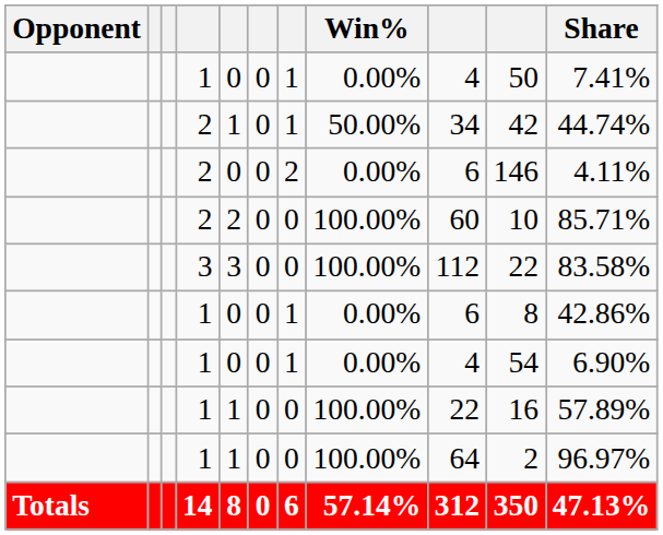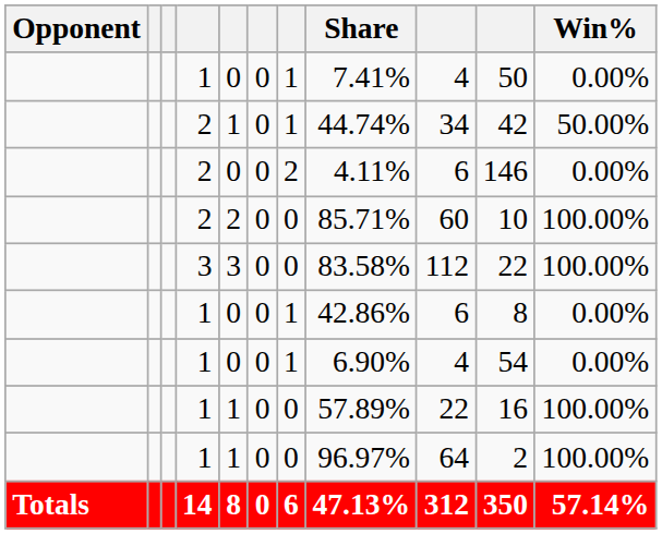 <table class="wikitable sortable" style="text-align:right;">
 <tr>
 <th>Opponent</th>
 <th></th>
 <th></th>
 <th></th>
 <th></th>
 <th></th>
 <th></th>
-<th>Win%</th>
+<th>Share</th>
 <th></th>
 <th></th>
-<th>Share</th>
+<th>Win%</th>
 </tr>
 <tr>
 <td align=left></td>
 <td></td>
 <td></td>
 <td>1</td>
 <td>0</td>
 <td>0</td>
 <td>1</td>
-<td>0.00%</td>
+<td>7.41%</td>
 <td>4</td>
 <td>50</td>
-<td>7.41%</td>
+<td>0.00%</td>
 </tr>
 <tr>
 <td align=left></td>
 <td></td>
 <td></td>
 <td>2</td>
 <td>1</td>
 <td>0</td>
 <td>1</td>
-<td>50.00%</td>
+<td>44.74%</td>
 <td>34</td>
 <td>42</td>
-<td>44.74%</td>
+<td>50.00%</td>
 </tr>
 <tr>
 <td align=left></td>
 <td></td>
 <td></td>
 <td>2</td>
 <td>0</td>
 <td>0</td>
 <td>2</td>
-<td>0.00%</td>
+<td>4.11%</td>
 <td>6</td>
 <td>146</td>
-<td>4.11%</td>
+<td>0.00%</td>
 </tr>
 <tr>
 <td align=left></td>
 <td></td>
 <td></td>
 <td>2</td>
 <td>2</td>
 <td>0</td>
 <td>0</td>
-<td>100.00%</td>
+<td>85.71%</td>
 <td>60</td>
 <td>10</td>
-<td>85.71%</td>
+<td>100.00%</td>
 </tr>
 <tr>
 <td align=left></td>
 <td></td>
 <td></td>
 <td>3</td>
 <td>3</td>
 <td>0</td>
 <td>0</td>
-<td>100.00%</td>
+<td>83.58%</td>
 <td>112</td>
 <td>22</td>
-<td>83.58%</td>
+<td>100.00%</td>
 </tr>
 <tr>
 <td align=left></td>
 <td></td>
 <td></td>
 <td>1</td>
 <td>0</td>
 <td>0</td>
 <td>1</td>
-<td>0.00%</td>
+<td>42.86%</td>
 <td>6</td>
 <td>8</td>
-<td>42.86%</td>
+<td>0.00%</td>
 </tr>
 <tr>
 <td align=left></td>
 <td></td>
 <td></td>
 <td>1</td>
 <td>0</td>
 <td>0</td>
 <td>1</td>
-<td>0.00%</td>
+<td>6.90%</td>
 <td>4</td>
 <td>54</td>
-<td>6.90%</td>
+<td>0.00%</td>
 </tr>
 <tr>
 <td align=left></td>
 <td></td>
 <td></td>
 <td>1</td>
 <td>1</td>
 <td>0</td>
 <td>0</td>
-<td>100.00%</td>
+<td>57.89%</td>
 <td>22</td>
 <td>16</td>
-<td>57.89%</td>
+<td>100.00%</td>
 </tr>
 <tr>
 <td align=left></td>
 <td></td>
 <td></td>
 <td>1</td>
 <td>1</td>
 <td>0</td>
 <td>0</td>
-<td>100.00%</td>
+<td>96.97%</td>
 <td>64</td>
 <td>2</td>
-<td>96.97%</td>
+<td>100.00%</td>
 </tr>
 <tr style="background:red; color:white; text-align:right;">
 <td align=left><strong>Totals</strong></td>
 <td></td>
 <td></td>
 <td><strong>14</strong></td>
 <td><strong>8</strong></td>
 <td><strong>0</strong></td>
 <td><strong>6</strong></td>
-<td><strong>57.14%</strong></td>
+<td><strong>47.13%</strong></td>
 <td><strong>312</strong></td>
 <td><strong>350</strong></td>
-<td><strong>47.13%</strong></td>
+<td><strong>57.14%</strong></td>
 </tr>
 </table>
